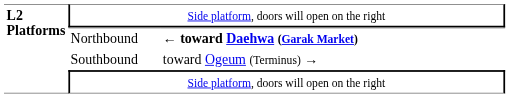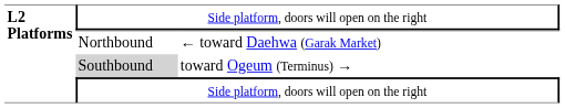 <table table border=0 cellspacing=0 cellpadding=3>
 <tr>
 <td style="border-top:solid 1px gray;border-bottom:solid 1px gray;" width=50 rowspan=10 valign=top><strong>L2<br>Platforms</strong></td>
 <td style="border-top:solid 1px gray;border-right:solid 2px black;border-left:solid 2px black;border-bottom:solid 2px black;text-align:center;" colspan=2><small><a href='#'>Side platform</a>, doors will open on the right</small></td>
 </tr>
 <tr>
 <td style="border-bottom:solid 0px gray;border-top:solid 1px gray;" width=100>Northbound</td>
-<td style="border-bottom:solid 0px gray;border-top:solid 1px gray;" width=390><strong>←  toward <a href='#'>Daehwa</a> <small>(<a href='#'>Garak Market</a>)</small></strong></td>
+<td style="border-bottom:solid 0px gray;border-top:solid 1px gray;" width=390>←  toward <a href='#'>Daehwa</a> <small>(<a href='#'>Garak Market</a>)</small></td>
 </tr>
 <tr>
-<td>Southbound</td>
+<td style="background: lightgrey;">Southbound</td>
 <td>  toward <a href='#'>Ogeum</a> <small>(Terminus)</small> →</td>
 </tr>
 <tr>
 <td style="border-top:solid 2px black;border-right:solid 2px black;border-left:solid 2px black;border-bottom:solid 1px gray;text-align:center;" colspan=2><small><a href='#'>Side platform</a>, doors will open on the right</small></td>
 </tr>
 </table>
